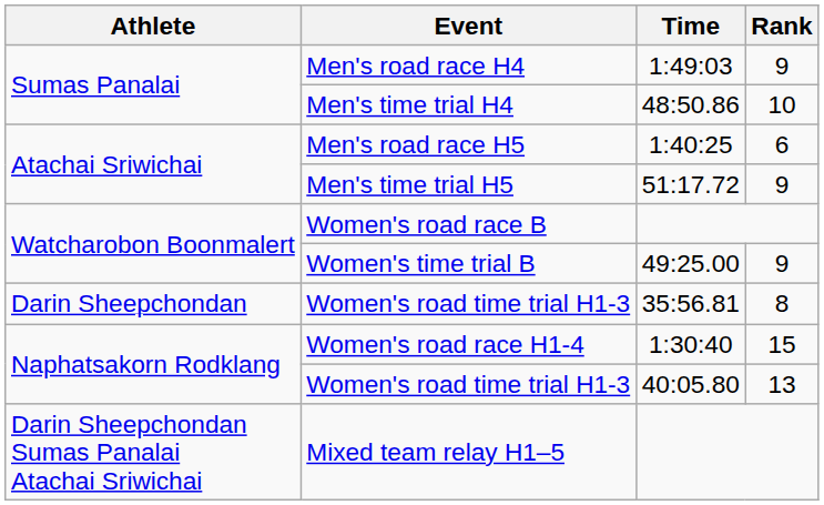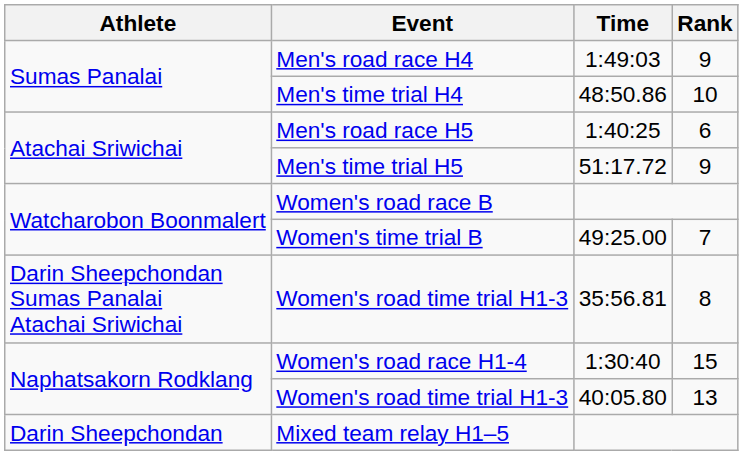 <table class=wikitable style=font-size:95%;text-align:center>
 <tr>
 <th>Athlete</th>
 <th>Event</th>
 <th>Time</th>
 <th>Rank</th>
 </tr>
 <tr align=center>
 <td align=left rowspan=2><a href='#'>Sumas Panalai</a></td>
 <td align=left><a href='#'>Men's road race H4</a></td>
 <td>1:49:03</td>
 <td>9</td>
 </tr>
 <tr align=center>
 <td align=left><a href='#'>Men's time trial H4</a></td>
 <td>48:50.86</td>
 <td>10</td>
 </tr>
 <tr align=center>
 <td align=left rowspan=2><a href='#'>Atachai Sriwichai</a></td>
 <td align=left><a href='#'>Men's road race H5</a></td>
 <td>1:40:25</td>
 <td>6</td>
 </tr>
 <tr align=center>
 <td align=left><a href='#'>Men's time trial H5</a></td>
 <td>51:17.72</td>
 <td>9</td>
 </tr>
 <tr align=center>
 <td align=left rowspan=2><a href='#'>Watcharobon Boonmalert</a></td>
 <td align=left><a href='#'>Women's road race B</a></td>
 <td colspan="2"></td>
 </tr>
 <tr align=center>
 <td align=left><a href='#'>Women's time trial B</a></td>
 <td>49:25.00</td>
-<td>9</td>
+<td>7</td>
 </tr>
 <tr align=center>
-<td align=left><a href='#'>Darin Sheepchondan</a></td>
+<td align=left><a href='#'>Darin Sheepchondan</a><br><a href='#'>Sumas Panalai</a><br><a href='#'>Atachai Sriwichai</a></td>
 <td align=left><a href='#'>Women's road time trial H1-3</a></td>
 <td>35:56.81</td>
 <td>8</td>
 </tr>
 <tr align=center>
 <td align=left rowspan=2><a href='#'>Naphatsakorn Rodklang</a></td>
 <td align=left><a href='#'>Women's road race H1-4</a></td>
 <td>1:30:40</td>
 <td>15</td>
 </tr>
 <tr align=center>
 <td align=left><a href='#'>Women's road time trial H1-3</a></td>
 <td>40:05.80</td>
 <td>13</td>
 </tr>
 <tr align=center>
-<td align=left><a href='#'>Darin Sheepchondan</a><br><a href='#'>Sumas Panalai</a><br><a href='#'>Atachai Sriwichai</a></td>
+<td align=left><a href='#'>Darin Sheepchondan</a></td>
 <td align=left><a href='#'>Mixed team relay H1–5</a></td>
 <td colspan="2"></td>
 </tr>
 </table>
